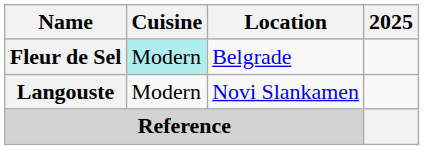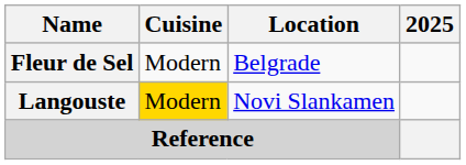 <table class="wikitable sortable plainrowheaders" style="text-align:left;"">
 <tr>
 <th scope="col">Name</th>
 <th scope="col">Cuisine</th>
 <th scope="col">Location</th>
 <th scope="col">2025</th>
 </tr>
 <tr>
 <th scope="row">Fleur de Sel</th>
-<td style="background: paleturquoise;">Modern</td>
+<td>Modern</td>
 <td><a href='#'>Belgrade</a></td>
 <td></td>
 </tr>
 <tr>
 <th scope="row">Langouste</th>
-<td>Modern</td>
+<td style="background: gold;">Modern</td>
 <td><a href='#'>Novi Slankamen</a></td>
 <td></td>
 </tr>
 <tr>
 <th colspan="3" style="text-align: center;background: lightgray;">Reference</th>
 <th></th>
 </tr>
 </table>
